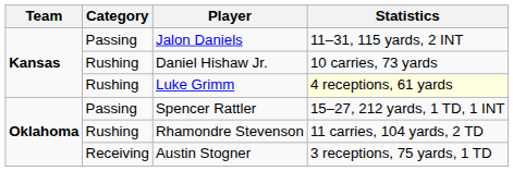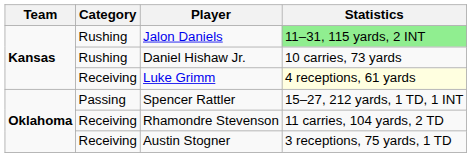 <table class="wikitable" style="float: right;">
 <tr>
 <th>Team</th>
 <th>Category</th>
 <th>Player</th>
 <th>Statistics</th>
 </tr>
 <tr>
 <td rowspan=3><strong>Kansas</strong></td>
-<td>Passing</td>
+<td>Rushing</td>
 <td><a href='#'>Jalon Daniels</a></td>
-<td>11–31, 115 yards, 2 INT</td>
+<td style="background: lightgreen;">11–31, 115 yards, 2 INT</td>
 </tr>
 <tr>
 <td>Rushing</td>
 <td>Daniel Hishaw Jr.</td>
 <td>10 carries, 73 yards</td>
 </tr>
 <tr>
-<td>Rushing</td>
+<td>Receiving</td>
 <td><a href='#'>Luke Grimm</a></td>
 <td style="background: lightyellow;">4 receptions, 61 yards</td>
 </tr>
 <tr>
 <td rowspan=3><strong>Oklahoma</strong></td>
 <td>Passing</td>
 <td>Spencer Rattler</td>
 <td>15–27, 212 yards, 1 TD, 1 INT</td>
 </tr>
 <tr>
-<td>Rushing</td>
+<td>Receiving</td>
 <td>Rhamondre Stevenson</td>
 <td>11 carries, 104 yards, 2 TD</td>
 </tr>
 <tr>
 <td>Receiving</td>
 <td>Austin Stogner</td>
 <td>3 receptions, 75 yards, 1 TD</td>
 </tr>
 </table>
